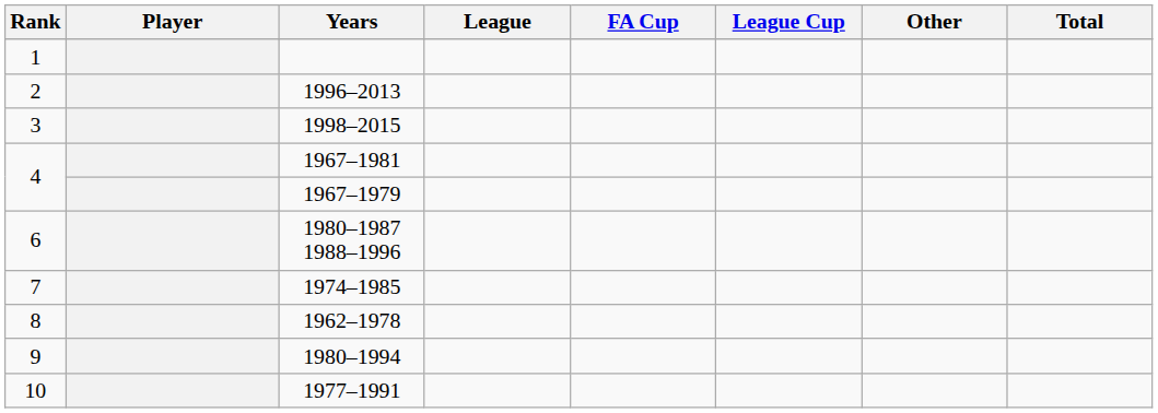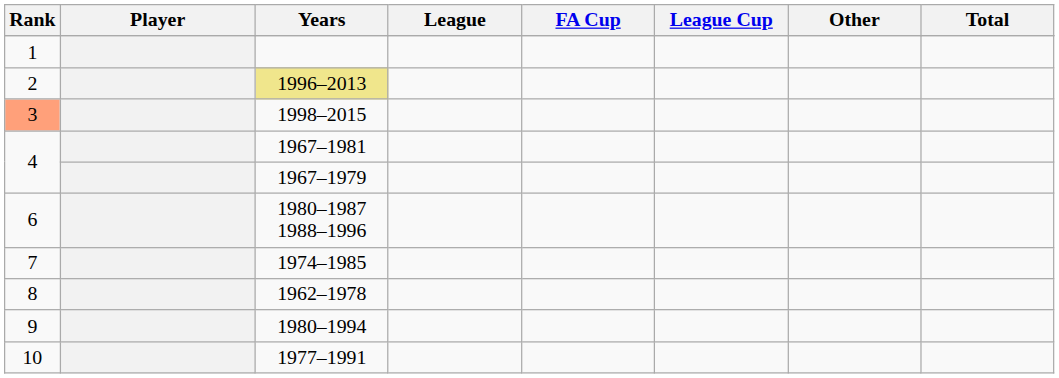 <table class="wikitable plainrowheaders sortable" style="text-align: center;">
 <tr>
 <th scope=col>Rank</th>
 <th scope=col width="150px">Player</th>
 <th scope=col width="100px">Years</th>
 <th scope=col width="100px">League</th>
 <th scope=col width="100px"><a href='#'>FA Cup</a></th>
 <th scope=col width="100px"><a href='#'>League Cup</a></th>
 <th scope=col width="100px">Other</th>
 <th scope=col width="100px">Total</th>
 </tr>
 <tr>
 </tr>
 <tr>
 <td>1</td>
 <th scope=row style="text-align:left;"> </th>
 <td></td>
 <td></td>
 <td></td>
 <td></td>
 <td></td>
 <td></td>
 </tr>
 <tr>
 <td>2</td>
 <th scope=row style="text-align:left;"> </th>
-<td>1996–2013</td>
+<td style="background: khaki;">1996–2013</td>
 <td></td>
 <td></td>
 <td></td>
 <td></td>
 <td></td>
 </tr>
 <tr>
-<td>3</td>
+<td style="background: lightsalmon;">3</td>
 <th scope=row style="text-align:left;"> </th>
 <td>1998–2015</td>
 <td></td>
 <td></td>
 <td></td>
 <td></td>
 <td></td>
 </tr>
 <tr>
 <td rowspan="2">4</td>
 <th scope=row style="text-align:left;"> </th>
 <td>1967–1981</td>
 <td></td>
 <td></td>
 <td></td>
 <td></td>
 <td></td>
 </tr>
 <tr>
 <th scope=row style="text-align:left;"> </th>
 <td>1967–1979</td>
 <td></td>
 <td></td>
 <td></td>
 <td></td>
 <td></td>
 </tr>
 <tr>
 <td>6</td>
 <th scope=row style="text-align:left;"> </th>
 <td>1980–1987<br>1988–1996</td>
 <td></td>
 <td></td>
 <td></td>
 <td></td>
 <td></td>
 </tr>
 <tr>
 <td>7</td>
 <th scope=row style="text-align:left;"> </th>
 <td>1974–1985</td>
 <td></td>
 <td></td>
 <td></td>
 <td></td>
 <td></td>
 </tr>
 <tr>
 <td>8</td>
 <th scope=row style="text-align:left;"> </th>
 <td>1962–1978</td>
 <td></td>
 <td></td>
 <td></td>
 <td></td>
 <td></td>
 </tr>
 <tr>
 <td>9</td>
 <th scope=row style="text-align:left;"> </th>
 <td>1980–1994</td>
 <td></td>
 <td></td>
 <td></td>
 <td></td>
 <td></td>
 </tr>
 <tr>
 <td>10</td>
 <th scope=row style="text-align:left;"> </th>
 <td>1977–1991</td>
 <td></td>
 <td></td>
 <td></td>
 <td></td>
 <td></td>
 </tr>
 </table>
